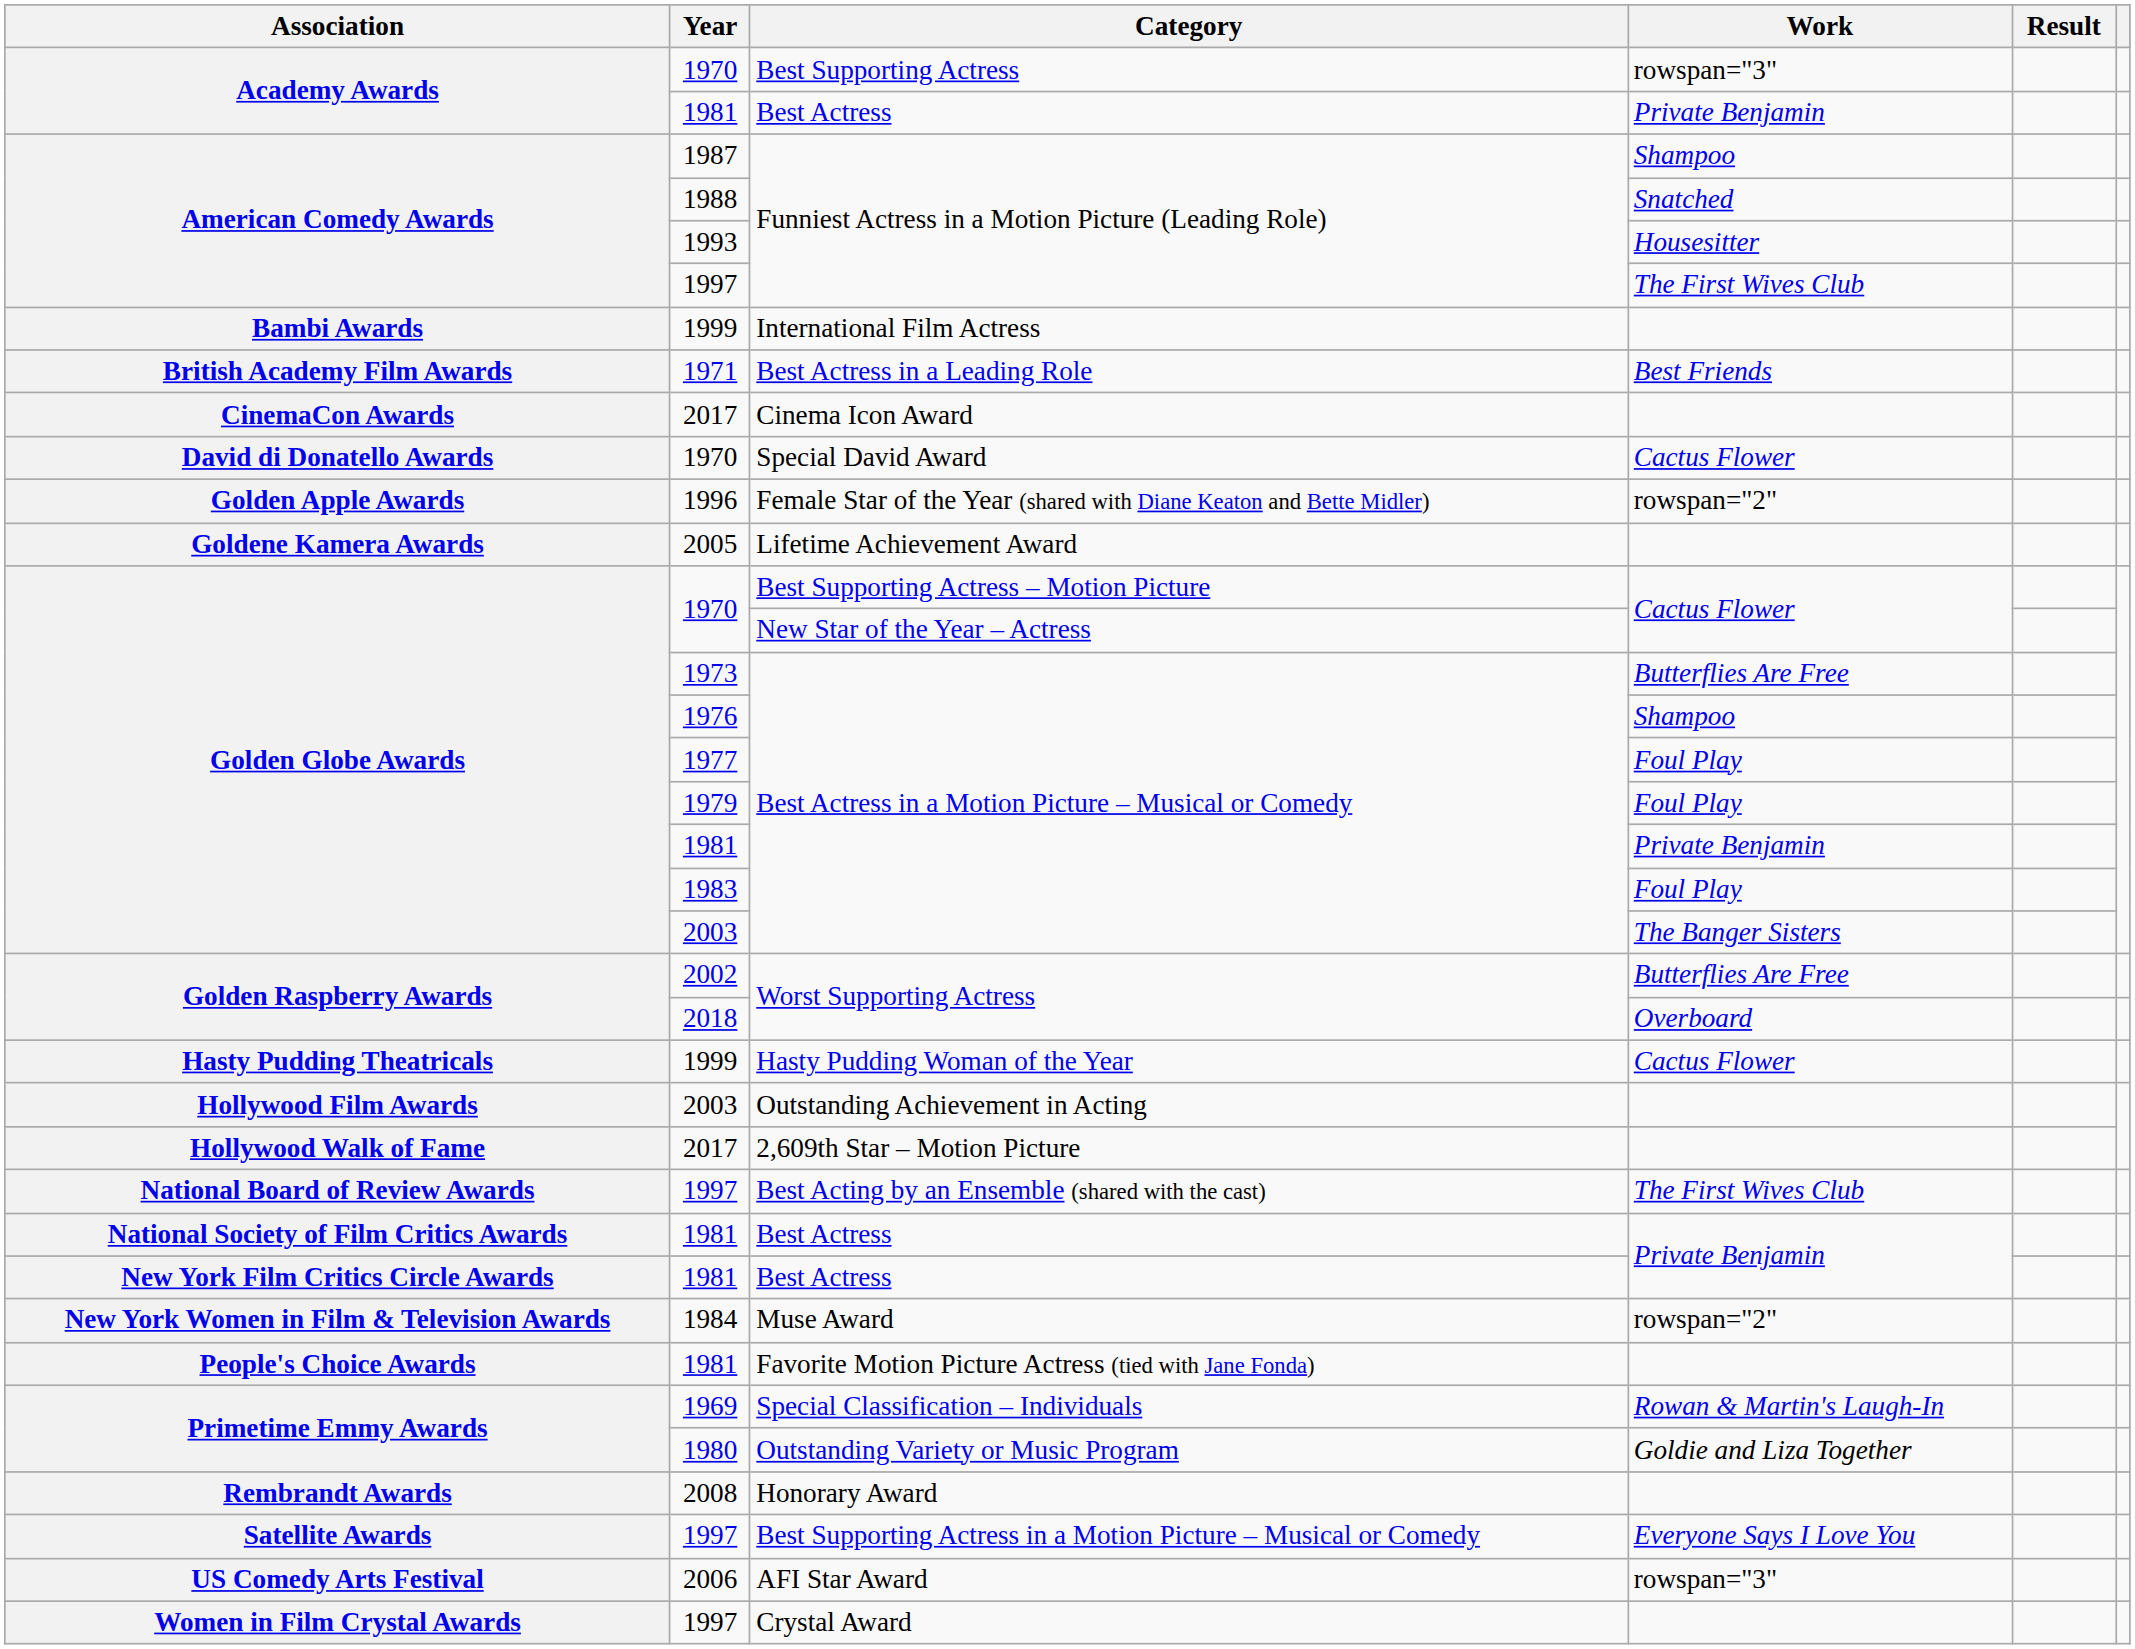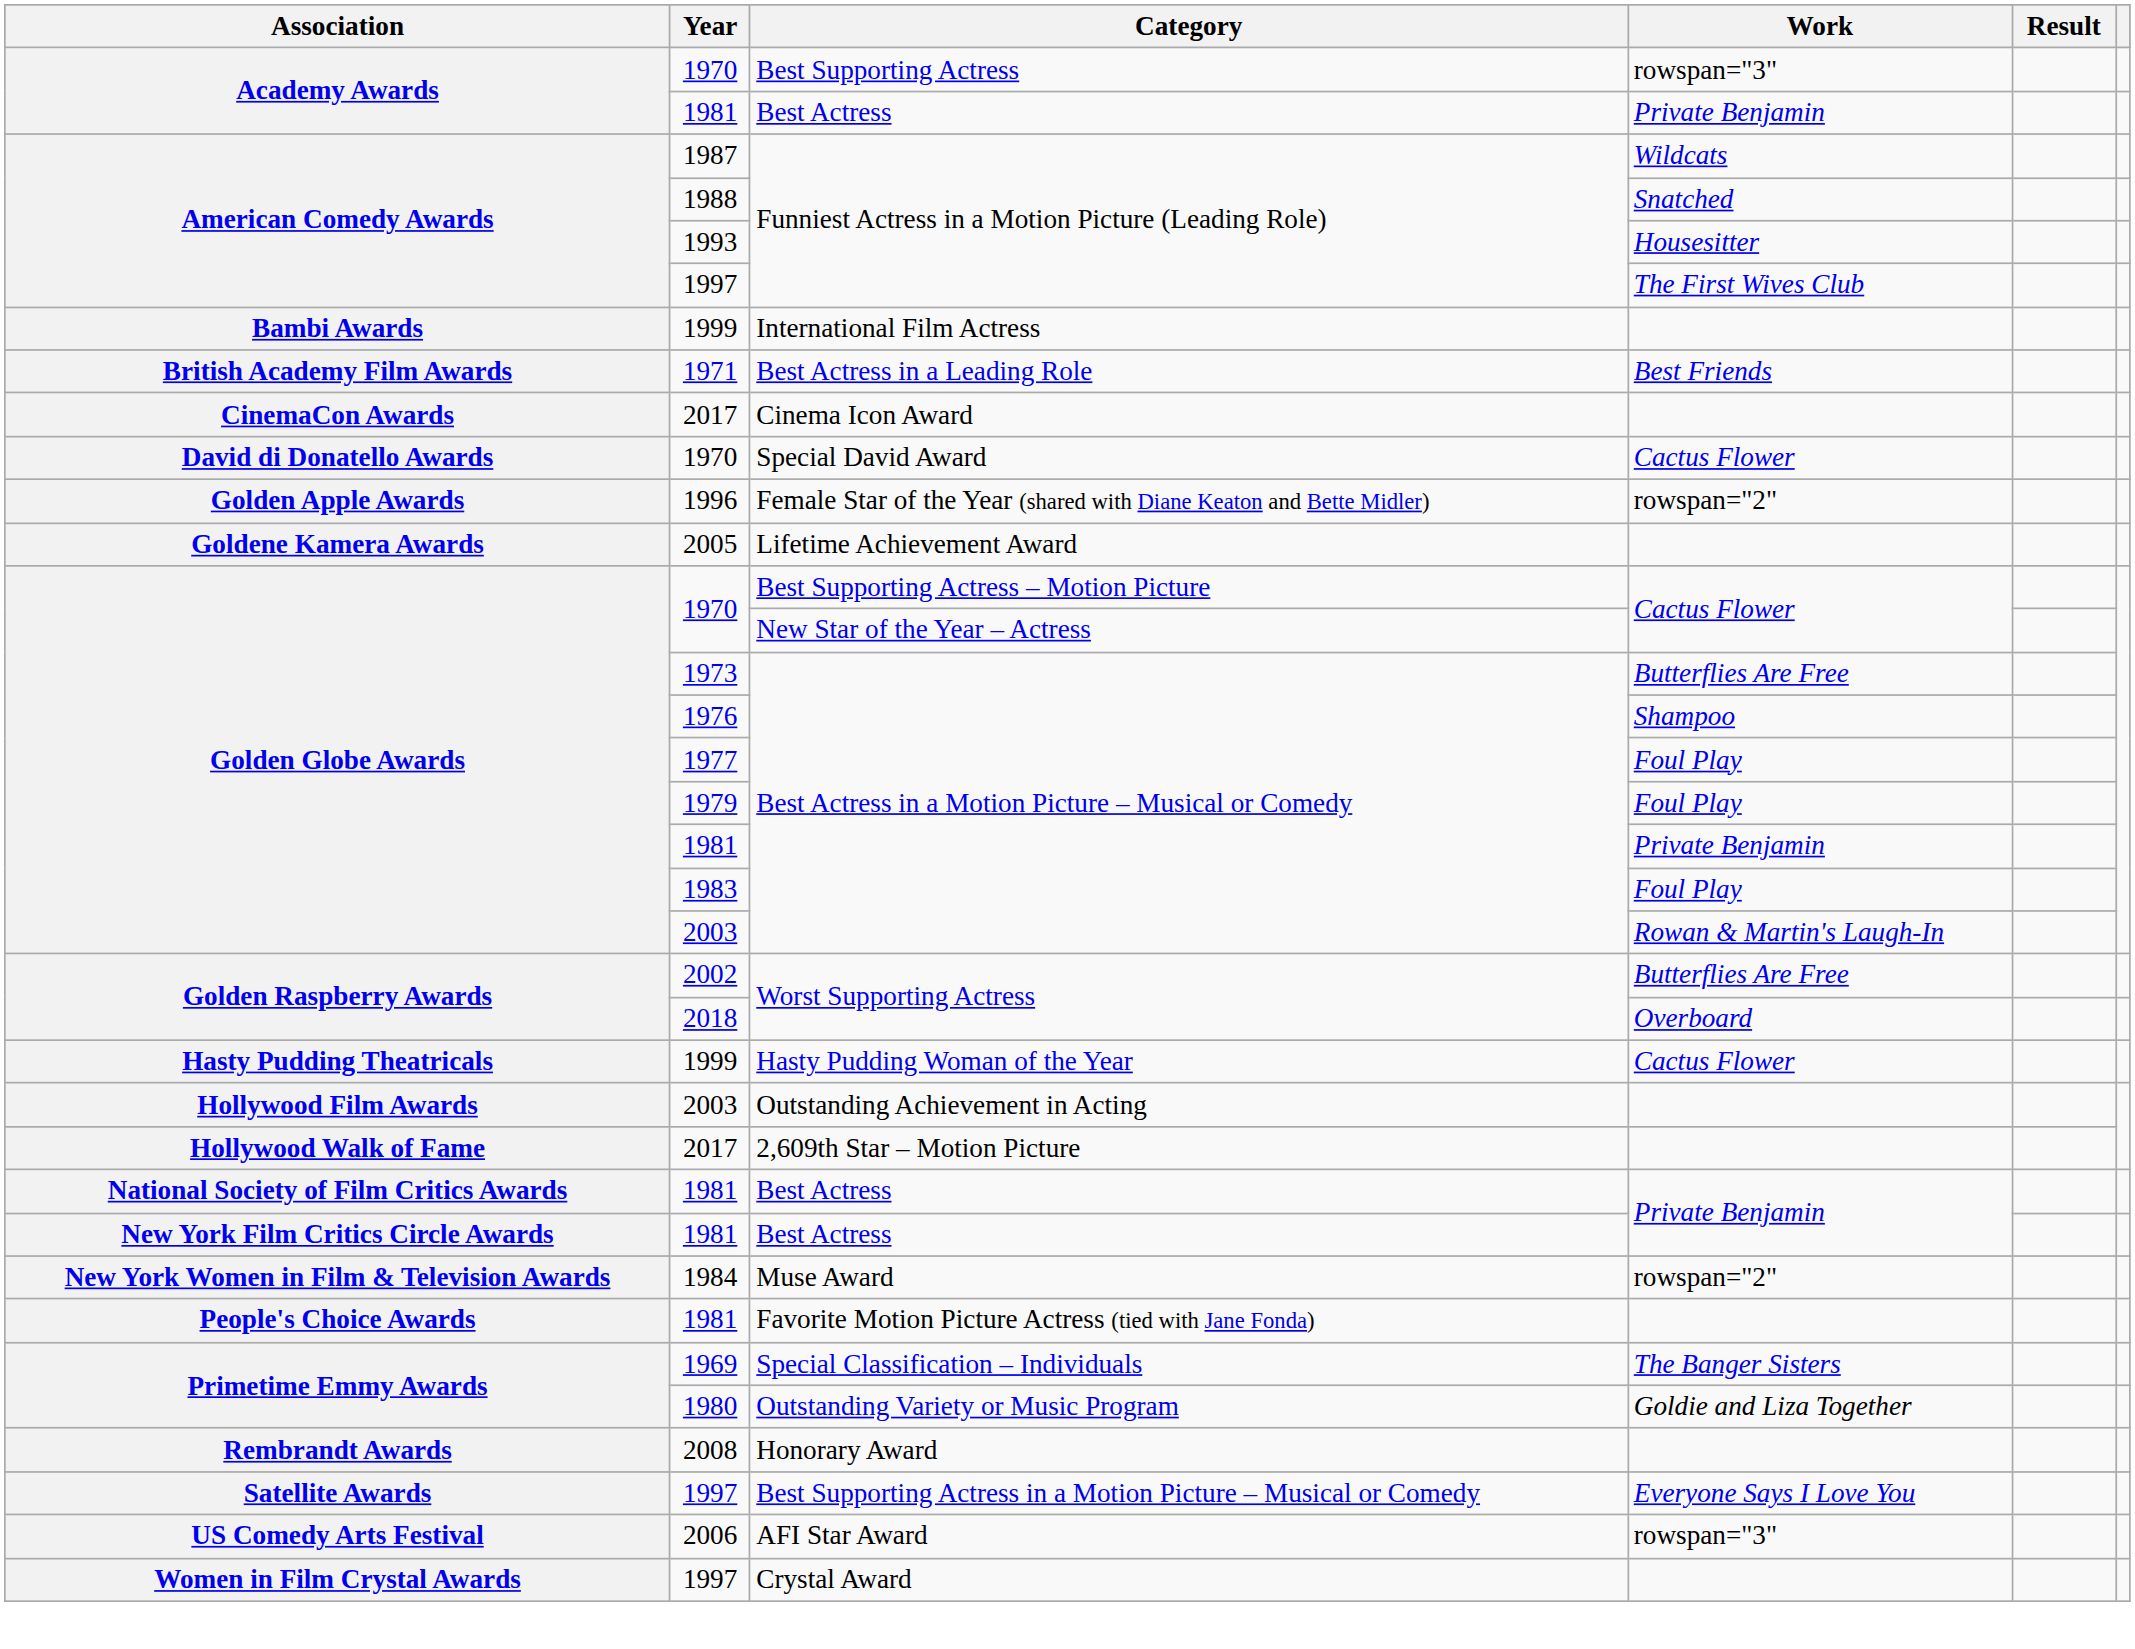 <table class="wikitable sortable plainrowheaders" style="width: 99%;">
 <tr style="background:#ccc; text-align:center;">
 <th scope="col">Association</th>
 <th scope="col">Year</th>
 <th scope="col">Category</th>
 <th scope="col">Work</th>
 <th scope="col">Result</th>
 <th scope="col" class="unsortable"></th>
 </tr>
 <tr>
 <th scope="row" rowspan="2"><a href='#'>Academy Awards</a></th>
 <td align="center"><a href='#'>1970</a></td>
 <td><a href='#'>Best Supporting Actress</a></td>
 <td>rowspan="3" </td>
 <td></td>
 <td align="center"></td>
 </tr>
 <tr>
 <td align="center"><a href='#'>1981</a></td>
 <td><a href='#'>Best Actress</a></td>
 <td><em><a href='#'>Private Benjamin</a></em></td>
 <td></td>
 <td align="center"></td>
 </tr>
 <tr>
 <th scope="row" rowspan="4"><a href='#'>American Comedy Awards</a></th>
 <td align="center">1987</td>
 <td rowspan="4">Funniest Actress in a Motion Picture (Leading Role)</td>
-<td><em><a href='#'>Shampoo</a></em></td>
+<td><em><a href='#'>Wildcats</a></em></td>
 <td></td>
 <td align="center"></td>
 </tr>
 <tr>
 <td align="center">1988</td>
 <td><em><a href='#'>Snatched</a></em></td>
 <td></td>
 <td align="center"></td>
 </tr>
 <tr>
 <td align="center">1993</td>
 <td><em><a href='#'>Housesitter</a></em></td>
 <td></td>
 <td align="center"></td>
 </tr>
 <tr>
 <td align="center">1997</td>
 <td><em><a href='#'>The First Wives Club</a></em></td>
 <td></td>
 <td align="center"></td>
 </tr>
 <tr>
 <th scope="row"><a href='#'>Bambi Awards</a></th>
 <td align="center">1999</td>
 <td>International Film Actress</td>
 <td></td>
 <td></td>
 <td align="center"></td>
 </tr>
 <tr>
 <th scope="row"><a href='#'>British Academy Film Awards</a></th>
 <td align="center"><a href='#'>1971</a></td>
 <td><a href='#'>Best Actress in a Leading Role</a></td>
 <td><em><a href='#'>Best Friends</a></em></td>
 <td></td>
 <td align="center"></td>
 </tr>
 <tr>
 <th scope="row"><a href='#'>CinemaCon Awards</a></th>
 <td align="center">2017</td>
 <td>Cinema Icon Award</td>
 <td></td>
 <td></td>
 <td align="center"></td>
 </tr>
 <tr>
 <th scope="row"><a href='#'>David di Donatello Awards</a></th>
 <td align="center">1970</td>
 <td>Special David Award</td>
 <td><em><a href='#'>Cactus Flower</a></em></td>
 <td></td>
 <td align="center"></td>
 </tr>
 <tr>
 <th scope="row"><a href='#'>Golden Apple Awards</a></th>
 <td align="center">1996</td>
 <td>Female Star of the Year <small>(shared with <a href='#'>Diane Keaton</a> and <a href='#'>Bette Midler</a>)</small></td>
 <td>rowspan="2" </td>
 <td></td>
 <td style="text-align:center;"></td>
 </tr>
 <tr>
 <th scope="row"><a href='#'>Goldene Kamera Awards</a></th>
 <td align="center">2005</td>
 <td>Lifetime Achievement Award</td>
 <td></td>
 <td align="center"></td>
 </tr>
 <tr>
 <th scope="row" rowspan="9"><a href='#'>Golden Globe Awards</a></th>
 <td align="center" rowspan="2"><a href='#'>1970</a></td>
 <td><a href='#'>Best Supporting Actress – Motion Picture</a></td>
 <td rowspan="2"><em><a href='#'>Cactus Flower</a></em></td>
 <td></td>
 <td align="center" rowspan="9"></td>
 </tr>
 <tr>
 <td><a href='#'>New Star of the Year – Actress</a></td>
 <td></td>
 </tr>
 <tr>
 <td align="center"><a href='#'>1973</a></td>
 <td rowspan="7"><a href='#'>Best Actress in a Motion Picture – Musical or Comedy</a></td>
 <td><em><a href='#'>Butterflies Are Free</a></em></td>
 <td></td>
 </tr>
 <tr>
 <td align="center"><a href='#'>1976</a></td>
 <td><em><a href='#'>Shampoo</a></em></td>
 <td></td>
 </tr>
 <tr>
 <td align="center"><a href='#'>1977</a></td>
 <td><em><a href='#'>Foul Play</a></em></td>
 <td></td>
 </tr>
 <tr>
 <td align="center"><a href='#'>1979</a></td>
 <td><em><a href='#'>Foul Play</a></em></td>
 <td></td>
 </tr>
 <tr>
 <td align="center"><a href='#'>1981</a></td>
 <td><em><a href='#'>Private Benjamin</a></em></td>
 <td></td>
 </tr>
 <tr>
 <td align="center"><a href='#'>1983</a></td>
 <td><em><a href='#'>Foul Play</a></em></td>
 <td></td>
 </tr>
 <tr>
 <td align="center"><a href='#'>2003</a></td>
-<td><em><a href='#'>The Banger Sisters</a></em></td>
+<td><em><a href='#'>Rowan & Martin's Laugh-In</a></em></td>
 <td></td>
 </tr>
 <tr>
 <th scope="row" rowspan="2"><a href='#'>Golden Raspberry Awards</a></th>
 <td align="center"><a href='#'>2002</a></td>
 <td rowspan="2"><a href='#'>Worst Supporting Actress</a></td>
 <td><em><a href='#'>Butterflies Are Free</a></em></td>
 <td></td>
 <td align="center"></td>
 </tr>
 <tr>
 <td align="center"><a href='#'>2018</a></td>
 <td><em><a href='#'>Overboard</a></em></td>
 <td></td>
 <td align="center"></td>
 </tr>
 <tr>
 <th scope="row"><a href='#'>Hasty Pudding Theatricals</a></th>
 <td align="center">1999</td>
 <td><a href='#'>Hasty Pudding Woman of the Year</a></td>
 <td><em><a href='#'>Cactus Flower</a></em></td>
 <td></td>
 <td align="center"></td>
 </tr>
 <tr>
 <th scope="row"><a href='#'>Hollywood Film Awards</a></th>
 <td align="center">2003</td>
 <td>Outstanding Achievement in Acting</td>
 <td></td>
 <td align="center"></td>
 </tr>
 <tr>
 <th scope="row"><a href='#'>Hollywood Walk of Fame</a></th>
 <td align="center">2017</td>
 <td>2,609th Star – Motion Picture</td>
 <td></td>
 <td align="center"></td>
 </tr>
 <tr>
-<th scope="row"><a href='#'>National Board of Review Awards</a></th>
-<td align="center"><a href='#'>1997</a></td>
-<td><a href='#'>Best Acting by an Ensemble</a> <small>(shared with the cast)</small></td>
-<td><em><a href='#'>The First Wives Club</a></em></td>
-<td></td>
-<td style="text-align:center;"></td>
-</tr>
-<tr>
 <th scope="row"><a href='#'>National Society of Film Critics Awards</a></th>
 <td align="center"><a href='#'>1981</a></td>
 <td><a href='#'>Best Actress</a></td>
 <td rowspan="2"><em><a href='#'>Private Benjamin</a></em></td>
 <td></td>
 <td align="center"></td>
 </tr>
 <tr>
 <th scope="row"><a href='#'>New York Film Critics Circle Awards</a></th>
 <td align="center"><a href='#'>1981</a></td>
 <td><a href='#'>Best Actress</a></td>
 <td></td>
 <td style="text-align:center;"></td>
 </tr>
 <tr>
 <th scope="row"><a href='#'>New York Women in Film & Television Awards</a></th>
 <td align="center">1984</td>
 <td>Muse Award</td>
 <td>rowspan="2" </td>
 <td></td>
 <td style="text-align:center;"></td>
 </tr>
 <tr>
 <th scope="row"><a href='#'>People's Choice Awards</a></th>
 <td align="center"><a href='#'>1981</a></td>
 <td>Favorite Motion Picture Actress <small>(tied with <a href='#'>Jane Fonda</a>)</small></td>
 <td></td>
 <td style="text-align:center;"></td>
 </tr>
 <tr>
 <th scope="row" rowspan="2"><a href='#'>Primetime Emmy Awards</a></th>
 <td align="center"><a href='#'>1969</a></td>
 <td><a href='#'>Special Classification – Individuals</a></td>
-<td><em><a href='#'>Rowan & Martin's Laugh-In</a></em></td>
+<td><em><a href='#'>The Banger Sisters</a></em></td>
 <td></td>
 <td style="text-align:center;"></td>
 </tr>
 <tr>
 <td align="center"><a href='#'>1980</a></td>
 <td><a href='#'>Outstanding Variety or Music Program</a></td>
 <td><em>Goldie and Liza Together</em></td>
 <td></td>
 <td style="text-align:center;"></td>
 </tr>
 <tr>
 <th scope="row"><a href='#'>Rembrandt Awards</a></th>
 <td align="center">2008</td>
 <td>Honorary Award</td>
 <td></td>
 <td></td>
 <td style="text-align:center;"></td>
 </tr>
 <tr>
 <th scope="row"><a href='#'>Satellite Awards</a></th>
 <td align="center"><a href='#'>1997</a></td>
 <td><a href='#'>Best Supporting Actress in a Motion Picture – Musical or Comedy</a></td>
 <td><em><a href='#'>Everyone Says I Love You</a></em></td>
 <td></td>
 <td style="text-align:center;"></td>
 </tr>
 <tr>
 <th scope="row"><a href='#'>US Comedy Arts Festival</a></th>
 <td align="center">2006</td>
 <td>AFI Star Award</td>
 <td>rowspan="3" </td>
 <td></td>
 <td align="center"></td>
 </tr>
 <tr>
 <th scope="row"><a href='#'>Women in Film Crystal Awards</a></th>
 <td align="center">1997</td>
 <td>Crystal Award</td>
 <td></td>
 <td align="center"></td>
 </tr>
 </table>
